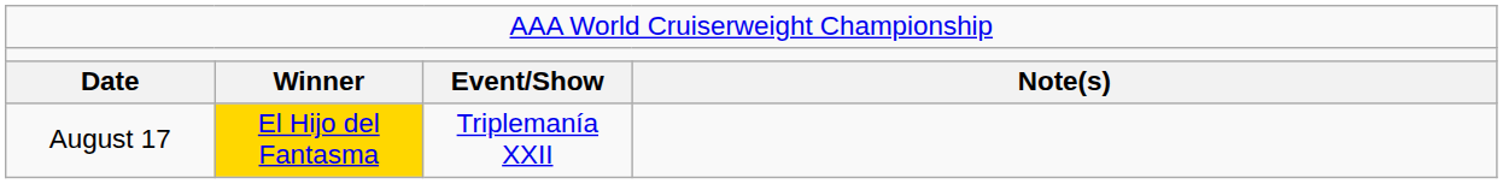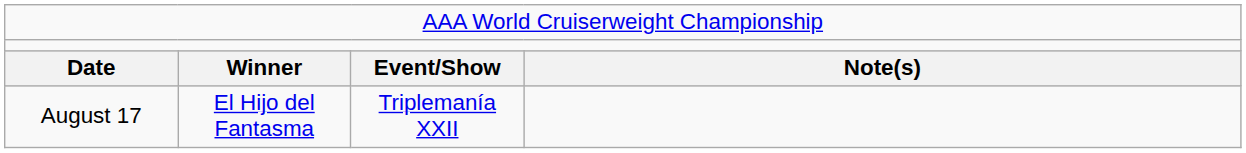 <table class="wikitable" style="text-align:center; width:100%;">
 <tr>
 <td colspan="5"><a href='#'>AAA World Cruiserweight Championship</a></td>
 </tr>
 <tr>
 <td colspan="5"><strong></strong></td>
 </tr>
 <tr>
 <th width="14%">Date</th>
 <th width="14%">Winner</th>
 <th width="14%">Event/Show</th>
 <th width="58%">Note(s)</th>
 </tr>
 <tr>
 <td>August 17</td>
-<td style="background: gold;"><a href='#'>El Hijo del Fantasma</a></td>
+<td><a href='#'>El Hijo del Fantasma</a></td>
 <td><a href='#'>Triplemanía XXII</a></td>
 <td align="left"></td>
 </tr>
 </table>
